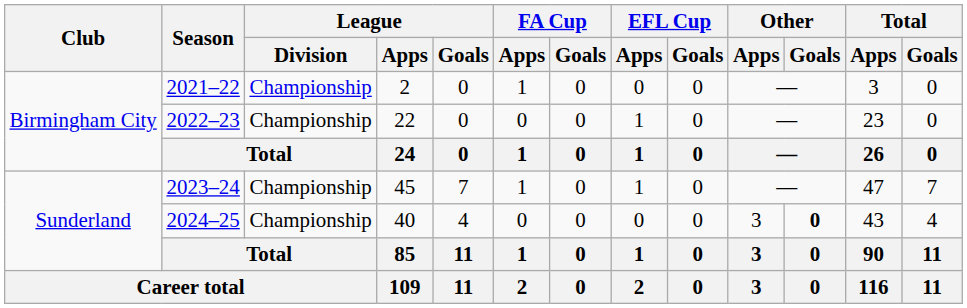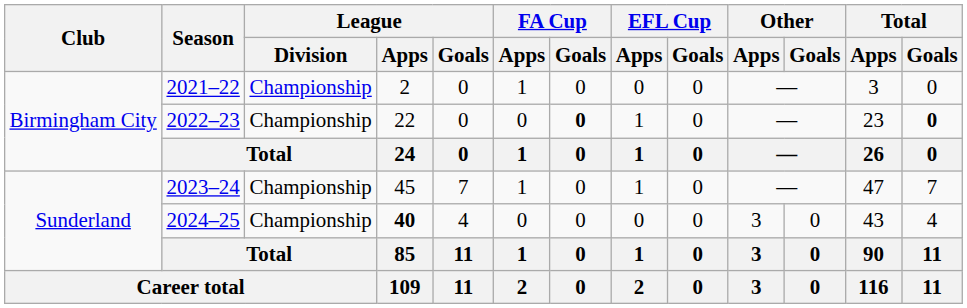 <table class="wikitable" style="text-align: center;">
 <tr>
 <th rowspan="2">Club</th>
 <th rowspan="2">Season</th>
 <th colspan="3">League</th>
 <th colspan="2"><a href='#'>FA Cup</a></th>
 <th colspan="2"><a href='#'>EFL Cup</a></th>
 <th colspan="2">Other</th>
 <th colspan="2">Total</th>
 </tr>
 <tr>
 <th>Division</th>
 <th>Apps</th>
 <th>Goals</th>
 <th>Apps</th>
 <th>Goals</th>
 <th>Apps</th>
 <th>Goals</th>
 <th>Apps</th>
 <th>Goals</th>
 <th>Apps</th>
 <th>Goals</th>
 </tr>
 <tr>
 <td rowspan="3"><a href='#'>Birmingham City</a></td>
 <td><a href='#'>2021–22</a></td>
 <td><a href='#'>Championship</a></td>
 <td>2</td>
 <td>0</td>
 <td>1</td>
 <td>0</td>
 <td>0</td>
 <td>0</td>
 <td colspan="2">—</td>
 <td>3</td>
 <td>0</td>
 </tr>
 <tr>
 <td><a href='#'>2022–23</a></td>
 <td>Championship</td>
 <td>22</td>
 <td>0</td>
 <td>0</td>
-<td>0</td>
+<td><strong>0</strong></td>
 <td>1</td>
 <td>0</td>
 <td colspan="2">—</td>
 <td>23</td>
-<td>0</td>
+<td><strong>0</strong></td>
 </tr>
 <tr>
 <th colspan="2">Total</th>
 <th>24</th>
 <th>0</th>
 <th>1</th>
 <th>0</th>
 <th>1</th>
 <th>0</th>
 <th colspan="2">—</th>
 <th>26</th>
 <th>0</th>
 </tr>
 <tr>
 <td rowspan="3"><a href='#'>Sunderland</a></td>
 <td><a href='#'>2023–24</a></td>
 <td>Championship</td>
 <td>45</td>
 <td>7</td>
 <td>1</td>
 <td>0</td>
 <td>1</td>
 <td>0</td>
 <td colspan="2">—</td>
 <td>47</td>
 <td>7</td>
 </tr>
 <tr>
 <td><a href='#'>2024–25</a></td>
 <td>Championship</td>
-<td>40</td>
+<td><strong>40</strong></td>
 <td>4</td>
 <td>0</td>
 <td>0</td>
 <td>0</td>
 <td>0</td>
 <td>3</td>
-<td><strong>0</strong></td>
+<td>0</td>
 <td>43</td>
 <td>4</td>
 </tr>
 <tr>
 <th colspan="2">Total</th>
 <th>85</th>
 <th>11</th>
 <th>1</th>
 <th>0</th>
 <th>1</th>
 <th>0</th>
 <th>3</th>
 <th>0</th>
 <th>90</th>
 <th>11</th>
 </tr>
 <tr>
 <th colspan="3">Career total</th>
 <th>109</th>
 <th>11</th>
 <th>2</th>
 <th>0</th>
 <th>2</th>
 <th>0</th>
 <th>3</th>
 <th>0</th>
 <th>116</th>
 <th>11</th>
 </tr>
 </table>
